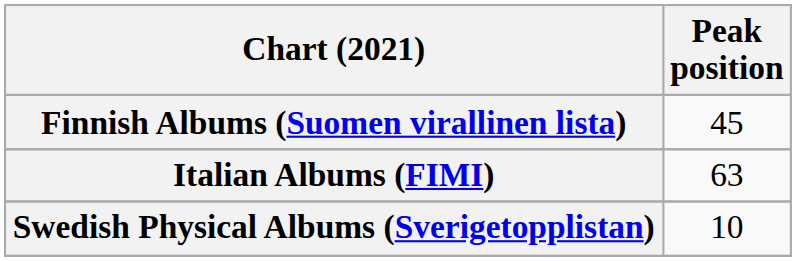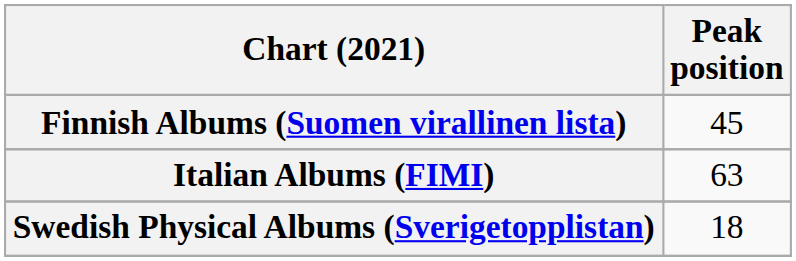 <table class="wikitable sortable plainrowheaders" style="text-align:center;">
 <tr>
 <th scope="col">Chart (2021)</th>
 <th scope="col">Peak<br>position</th>
 </tr>
 <tr>
 </tr>
 <tr>
 </tr>
 <tr>
 </tr>
 <tr>
 </tr>
 <tr>
 </tr>
 <tr>
 </tr>
 <tr>
 </tr>
 <tr>
 <th scope="row">Finnish Albums (<a href='#'>Suomen virallinen lista</a>)</th>
 <td>45</td>
 </tr>
 <tr>
 </tr>
 <tr>
 </tr>
 <tr>
 </tr>
 <tr>
 <th scope="row">Italian Albums (<a href='#'>FIMI</a>)</th>
 <td>63</td>
 </tr>
 <tr>
 </tr>
 <tr>
 </tr>
 <tr>
 </tr>
 <tr>
 </tr>
 <tr>
 <th scope="row">Swedish Physical Albums (<a href='#'>Sverigetopplistan</a>)</th>
-<td>10</td>
+<td>18</td>
 </tr>
 <tr>
 </tr>
 <tr>
 </tr>
 <tr>
 </tr>
 <tr>
 </tr>
 <tr>
 </tr>
 <tr>
 </tr>
 </table>
